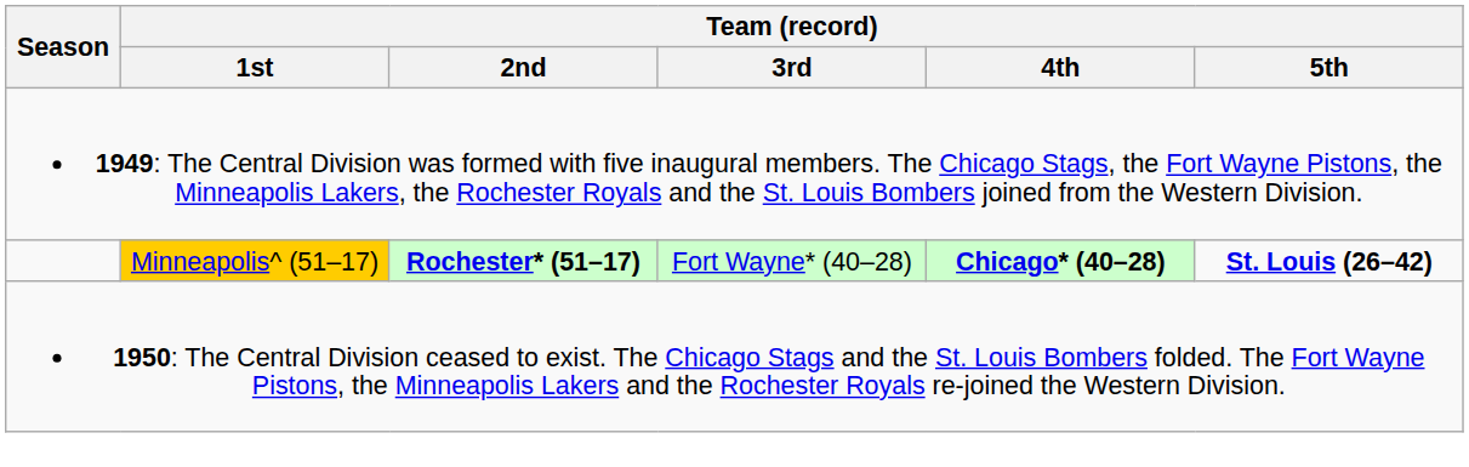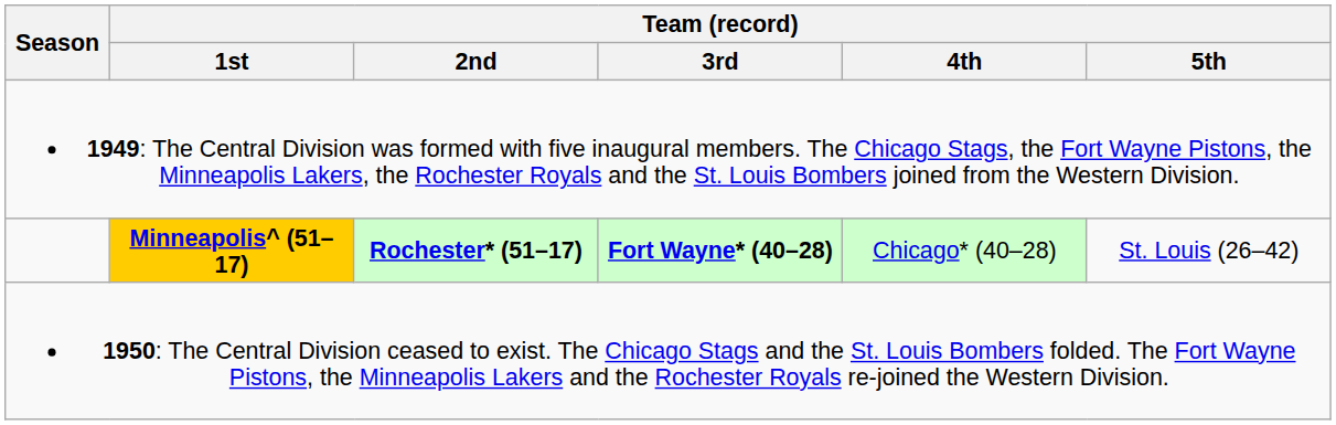 <table class="wikitable" style="text-align:center; font-size:95%">
 <tr>
 <th rowspan="2" width=60px>Season</th>
 <th colspan="6">Team (record)</th>
 </tr>
 <tr>
 <th width=150px>1st</th>
 <th width=150px>2nd</th>
 <th width=150px>3rd</th>
 <th width=150px>4th</th>
 <th width=150px>5th</th>
 </tr>
 <tr>
 <td colspan="6"><br><ul><li><strong>1949</strong>: The Central Division was formed with five inaugural members. The <a href='#'>Chicago Stags</a>, the <a href='#'>Fort Wayne Pistons</a>, the <a href='#'>Minneapolis Lakers</a>, the <a href='#'>Rochester Royals</a> and the <a href='#'>St. Louis Bombers</a> joined from the Western Division.</li></ul></td>
 </tr>
 <tr>
 <td></td>
-<td bgcolor=#FFCC00><a href='#'>Minneapolis</a>^ (51–17)</td>
+<td bgcolor=#FFCC00><strong><a href='#'>Minneapolis</a>^ (51–17)</strong></td>
 <td bgcolor=#CCFFCC><strong><a href='#'>Rochester</a>* (51–17)</strong></td>
-<td bgcolor=#CCFFCC><a href='#'>Fort Wayne</a>* (40–28)</td>
-<td bgcolor=#CCFFCC><strong><a href='#'>Chicago</a>* (40–28)</strong></td>
-<td><strong><a href='#'>St. Louis</a> (26–42)</strong></td>
+<td bgcolor=#CCFFCC><strong><a href='#'>Fort Wayne</a>* (40–28)</strong></td>
+<td bgcolor=#CCFFCC><a href='#'>Chicago</a>* (40–28)</td>
+<td><a href='#'>St. Louis</a> (26–42)</td>
 </tr>
 <tr>
 <td colspan="6"><br><ul><li><strong>1950</strong>: The Central Division ceased to exist. The <a href='#'>Chicago Stags</a> and the <a href='#'>St. Louis Bombers</a> folded. The <a href='#'>Fort Wayne Pistons</a>, the <a href='#'>Minneapolis Lakers</a> and the <a href='#'>Rochester Royals</a> re-joined the Western Division.</li></ul></td>
 </tr>
 </table>
